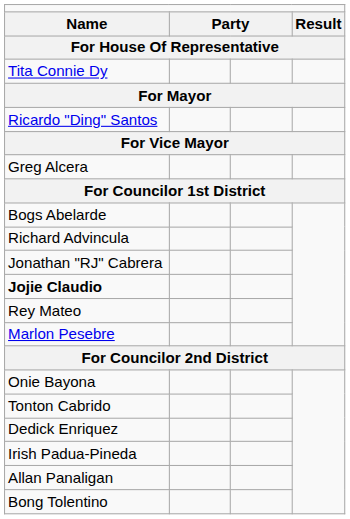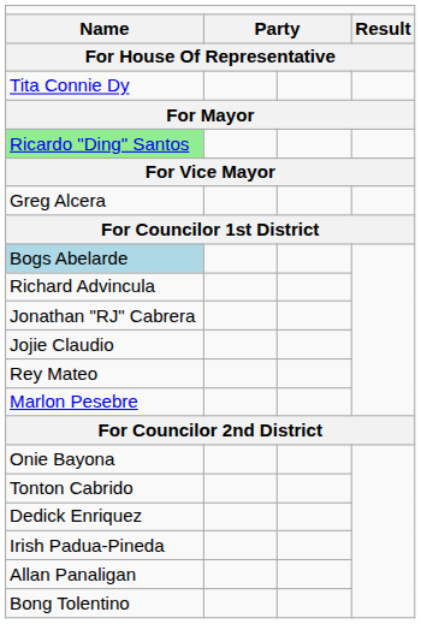 <table class="wikitable" style="font-size:90%">
 <tr>
 <td colspan="4" style="color:inherit;background:"></td>
 </tr>
 <tr>
 <th width="150px">Name</th>
 <th colspan="2" width="110px">Party</th>
 <th>Result</th>
 </tr>
 <tr>
 <th colspan="4">For House Of Representative</th>
 </tr>
 <tr>
 <td><a href='#'>Tita Connie Dy</a></td>
 <td></td>
 <td></td>
 </tr>
 <tr>
 <th colspan="4">For Mayor</th>
 </tr>
 <tr>
-<td><a href='#'>Ricardo "Ding" Santos</a></td>
+<td style="background: lightgreen;"><a href='#'>Ricardo "Ding" Santos</a></td>
 <td></td>
 <td></td>
 </tr>
 <tr>
 <th colspan="4">For Vice Mayor</th>
 </tr>
 <tr>
 <td>Greg Alcera</td>
 <td></td>
 <td></td>
 </tr>
 <tr>
 <th colspan="4">For Councilor 1st District</th>
 </tr>
 <tr>
-<td>Bogs Abelarde</td>
+<td style="background: lightblue;">Bogs Abelarde</td>
 <td></td>
 <td></td>
 </tr>
 <tr>
 <td>Richard Advincula</td>
 <td></td>
 <td></td>
 </tr>
 <tr>
 <td>Jonathan "RJ" Cabrera</td>
 <td></td>
 <td></td>
 </tr>
 <tr>
-<td><strong>Jojie Claudio</strong></td>
+<td>Jojie Claudio</td>
 <td></td>
 <td></td>
 </tr>
 <tr>
 <td>Rey Mateo</td>
 <td></td>
 <td></td>
 </tr>
 <tr>
 <td><a href='#'>Marlon Pesebre</a></td>
 <td></td>
 <td></td>
 </tr>
 <tr>
 <th colspan="4">For Councilor 2nd District</th>
 </tr>
 <tr>
 <td>Onie Bayona</td>
 <td></td>
 <td></td>
 </tr>
 <tr>
 <td>Tonton Cabrido</td>
 <td></td>
 <td></td>
 </tr>
 <tr>
 <td>Dedick Enriquez</td>
 <td></td>
 <td></td>
 </tr>
 <tr>
 <td>Irish Padua-Pineda</td>
 <td></td>
 <td></td>
 </tr>
 <tr>
 <td>Allan Panaligan</td>
 <td></td>
 <td></td>
 </tr>
 <tr>
 <td>Bong Tolentino</td>
 <td></td>
 <td></td>
 </tr>
 </table>
